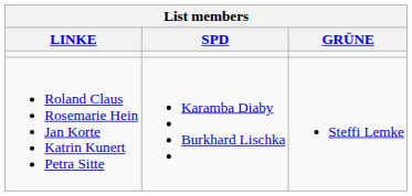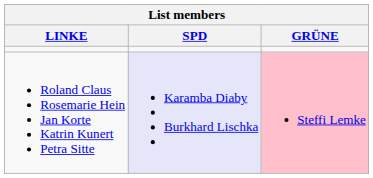 <table class=wikitable>
 <tr>
 <th colspan=3>List members</th>
 </tr>
 <tr>
 <th><a href='#'>LINKE</a></th>
 <th><a href='#'>SPD</a></th>
 <th><a href='#'>GRÜNE</a></th>
 </tr>
 <tr>
 <td bgcolor=></td>
 <td bgcolor=></td>
 <td bgcolor=></td>
 </tr>
 <tr>
 <td><br><ul><li><a href='#'>Roland Claus</a></li><li><a href='#'>Rosemarie Hein</a></li><li><a href='#'>Jan Korte</a></li><li><a href='#'>Katrin Kunert</a></li><li><a href='#'>Petra Sitte</a></li></ul></td>
-<td><br><ul><li><a href='#'>Karamba Diaby</a></li><li></li><li><a href='#'>Burkhard Lischka</a></li><li></li></ul></td>
-<td><br><ul><li><a href='#'>Steffi Lemke</a></li></ul></td>
+<td style="background: lavender;"><br><ul><li><a href='#'>Karamba Diaby</a></li><li></li><li><a href='#'>Burkhard Lischka</a></li><li></li></ul></td>
+<td style="background: pink;"><br><ul><li><a href='#'>Steffi Lemke</a></li></ul></td>
 </tr>
 </table>
